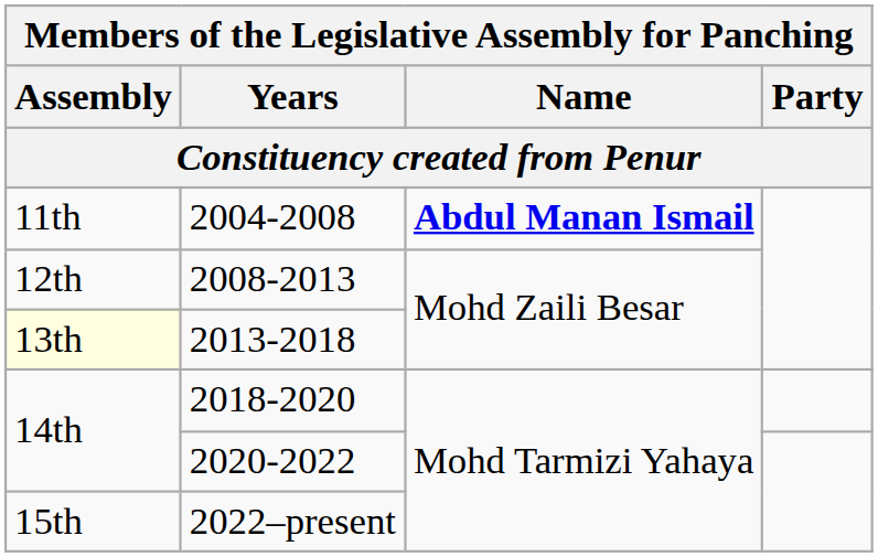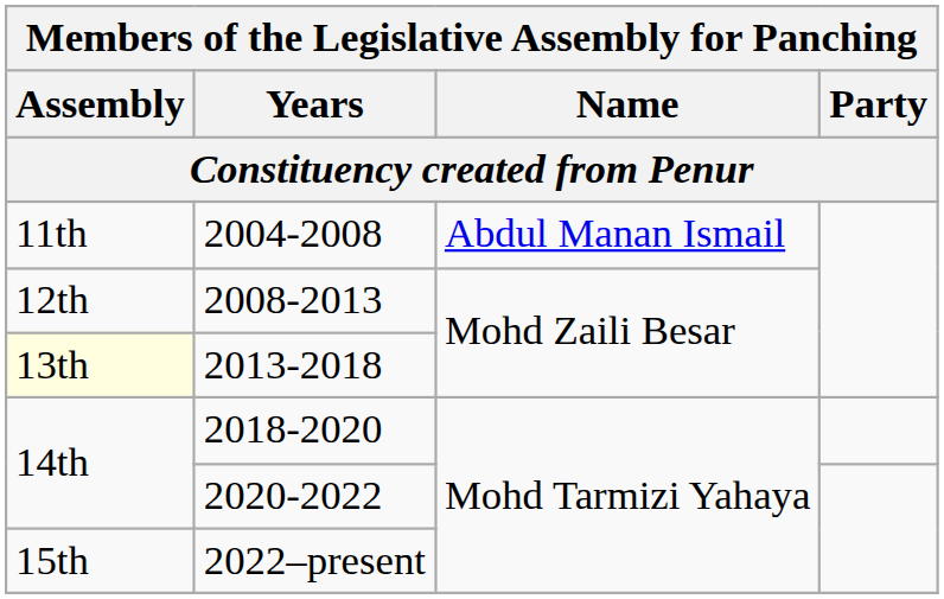 <table class="wikitable">
 <tr>
 <th colspan="4">Members of the Legislative Assembly for Panching</th>
 </tr>
 <tr>
 <th>Assembly</th>
 <th>Years</th>
 <th>Name</th>
 <th>Party</th>
 </tr>
 <tr>
 <th colspan="4"><em>Constituency created from Penur</em></th>
 </tr>
 <tr>
 <td>11th</td>
 <td>2004-2008</td>
-<td><strong><a href='#'>Abdul Manan Ismail</a></strong></td>
+<td><a href='#'>Abdul Manan Ismail</a></td>
 <td rowspan="3"></td>
 </tr>
 <tr>
 <td>12th</td>
 <td>2008-2013</td>
 <td rowspan="2">Mohd Zaili Besar</td>
 </tr>
 <tr>
 <td style="background: lightyellow;">13th</td>
 <td>2013-2018</td>
 </tr>
 <tr>
 <td rowspan="2">14th</td>
 <td>2018-2020</td>
 <td rowspan="3">Mohd Tarmizi Yahaya</td>
 <td></td>
 </tr>
 <tr>
 <td>2020-2022</td>
 <td rowspan="2"></td>
 </tr>
 <tr>
 <td>15th</td>
 <td>2022–present</td>
 </tr>
 </table>
